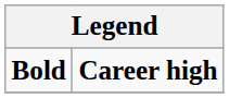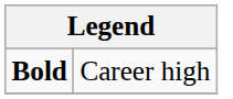 <table class="wikitable">
 <tr>
 <th colspan="3">Legend</th>
 </tr>
 <tr>
 <td><strong>Bold</strong></td>
-<td><strong>Career high</strong></td>
+<td>Career high</td>
 </tr>
 <tr>
 </tr>
 </table>
